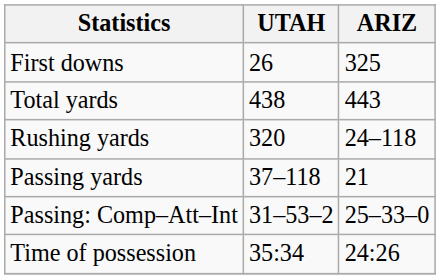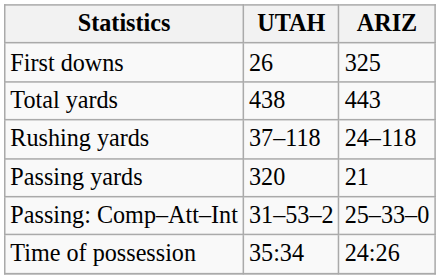 <table class="wikitable" style="float: left;">
 <tr>
 <th>Statistics</th>
 <th>UTAH</th>
 <th>ARIZ</th>
 </tr>
 <tr>
 <td>First downs</td>
 <td>26</td>
 <td>325</td>
 </tr>
 <tr>
 <td>Total yards</td>
 <td>438</td>
 <td>443</td>
 </tr>
 <tr>
 <td>Rushing yards</td>
-<td>320</td>
+<td>37–118</td>
 <td>24–118</td>
 </tr>
 <tr>
 <td>Passing yards</td>
-<td>37–118</td>
+<td>320</td>
 <td>21</td>
 </tr>
 <tr>
 <td>Passing: Comp–Att–Int</td>
 <td>31–53–2</td>
 <td>25–33–0</td>
 </tr>
 <tr>
 <td>Time of possession</td>
 <td>35:34</td>
 <td>24:26</td>
 </tr>
 <tr>
 </tr>
 </table>
